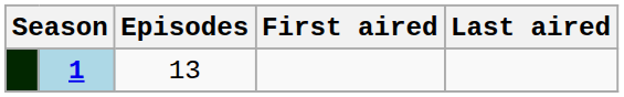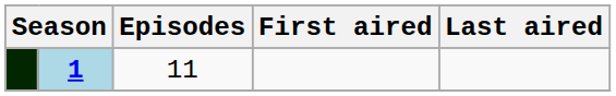 <table class="wikitable">
 <tr>
 <th colspan="2">Season</th>
 <th>Episodes</th>
 <th>First aired</th>
 <th>Last aired</th>
 </tr>
 <tr>
 <td style="background:#022700; height:5px;"></td>
 <td style="background: lightblue; text-align:center;"><strong><a href='#'>1</a></strong></td>
-<td style="text-align:center;">13</td>
+<td style="text-align:center;">11</td>
 <td style="text-align:center;"></td>
 <td style="text-align:center;"></td>
 </tr>
 <tr>
 </tr>
 </table>
